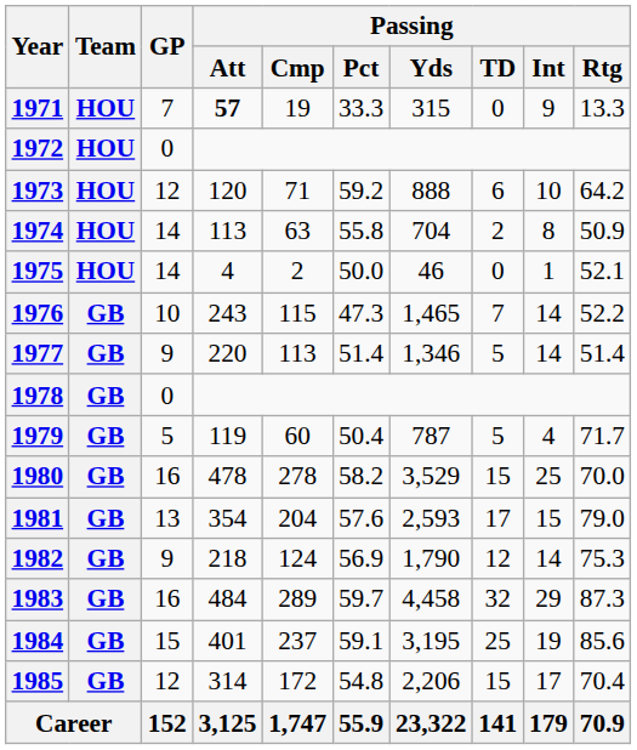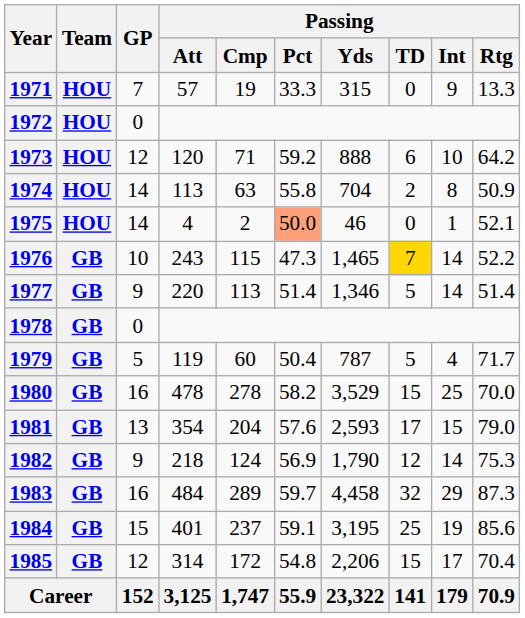 <table class=wikitable style="text-align:center;">
 <tr>
 <th rowspan="2">Year</th>
 <th rowspan="2">Team</th>
 <th rowspan="2">GP</th>
 <th colspan="7">Passing</th>
 </tr>
 <tr>
 <th>Att</th>
 <th>Cmp</th>
 <th>Pct</th>
 <th>Yds</th>
 <th>TD</th>
 <th>Int</th>
 <th>Rtg</th>
 </tr>
 <tr>
 <th><a href='#'>1971</a></th>
 <th><a href='#'>HOU</a></th>
 <td>7</td>
-<td><strong>57</strong></td>
+<td>57</td>
 <td>19</td>
 <td>33.3</td>
 <td>315</td>
 <td>0</td>
 <td>9</td>
 <td>13.3</td>
 </tr>
 <tr>
 <th><a href='#'>1972</a></th>
 <th><a href='#'>HOU</a></th>
 <td>0</td>
 <td colspan="7"></td>
 </tr>
 <tr>
 <th><a href='#'>1973</a></th>
 <th><a href='#'>HOU</a></th>
 <td>12</td>
 <td>120</td>
 <td>71</td>
 <td>59.2</td>
 <td>888</td>
 <td>6</td>
 <td>10</td>
 <td>64.2</td>
 </tr>
 <tr>
 <th><a href='#'>1974</a></th>
 <th><a href='#'>HOU</a></th>
 <td>14</td>
 <td>113</td>
 <td>63</td>
 <td>55.8</td>
 <td>704</td>
 <td>2</td>
 <td>8</td>
 <td>50.9</td>
 </tr>
 <tr>
 <th><a href='#'>1975</a></th>
 <th><a href='#'>HOU</a></th>
 <td>14</td>
 <td>4</td>
 <td>2</td>
-<td>50.0</td>
+<td style="background: lightsalmon;">50.0</td>
 <td>46</td>
 <td>0</td>
 <td>1</td>
 <td>52.1</td>
 </tr>
 <tr>
 <th><a href='#'>1976</a></th>
 <th><a href='#'>GB</a></th>
 <td>10</td>
 <td>243</td>
 <td>115</td>
 <td>47.3</td>
 <td>1,465</td>
-<td>7</td>
+<td style="background: gold;">7</td>
 <td>14</td>
 <td>52.2</td>
 </tr>
 <tr>
 <th><a href='#'>1977</a></th>
 <th><a href='#'>GB</a></th>
 <td>9</td>
 <td>220</td>
 <td>113</td>
 <td>51.4</td>
 <td>1,346</td>
 <td>5</td>
 <td>14</td>
 <td>51.4</td>
 </tr>
 <tr>
 <th><a href='#'>1978</a></th>
 <th><a href='#'>GB</a></th>
 <td>0</td>
 <td colspan="7"></td>
 </tr>
 <tr>
 <th><a href='#'>1979</a></th>
 <th><a href='#'>GB</a></th>
 <td>5</td>
 <td>119</td>
 <td>60</td>
 <td>50.4</td>
 <td>787</td>
 <td>5</td>
 <td>4</td>
 <td>71.7</td>
 </tr>
 <tr>
 <th><a href='#'>1980</a></th>
 <th><a href='#'>GB</a></th>
 <td>16</td>
 <td>478</td>
 <td>278</td>
 <td>58.2</td>
 <td>3,529</td>
 <td>15</td>
 <td>25</td>
 <td>70.0</td>
 </tr>
 <tr>
 <th><a href='#'>1981</a></th>
 <th><a href='#'>GB</a></th>
 <td>13</td>
 <td>354</td>
 <td>204</td>
 <td>57.6</td>
 <td>2,593</td>
 <td>17</td>
 <td>15</td>
 <td>79.0</td>
 </tr>
 <tr>
 <th><a href='#'>1982</a></th>
 <th><a href='#'>GB</a></th>
 <td>9</td>
 <td>218</td>
 <td>124</td>
 <td>56.9</td>
 <td>1,790</td>
 <td>12</td>
 <td>14</td>
 <td>75.3</td>
 </tr>
 <tr>
 <th><a href='#'>1983</a></th>
 <th><a href='#'>GB</a></th>
 <td>16</td>
 <td>484</td>
 <td>289</td>
 <td>59.7</td>
 <td>4,458</td>
 <td>32</td>
 <td>29</td>
 <td>87.3</td>
 </tr>
 <tr>
 <th><a href='#'>1984</a></th>
 <th><a href='#'>GB</a></th>
 <td>15</td>
 <td>401</td>
 <td>237</td>
 <td>59.1</td>
 <td>3,195</td>
 <td>25</td>
 <td>19</td>
 <td>85.6</td>
 </tr>
 <tr>
 <th><a href='#'>1985</a></th>
 <th><a href='#'>GB</a></th>
 <td>12</td>
 <td>314</td>
 <td>172</td>
 <td>54.8</td>
 <td>2,206</td>
 <td>15</td>
 <td>17</td>
 <td>70.4</td>
 </tr>
 <tr>
 <th colspan="2">Career</th>
 <th>152</th>
 <th>3,125</th>
 <th>1,747</th>
 <th>55.9</th>
 <th>23,322</th>
 <th>141</th>
 <th>179</th>
 <th>70.9</th>
 </tr>
 </table>
